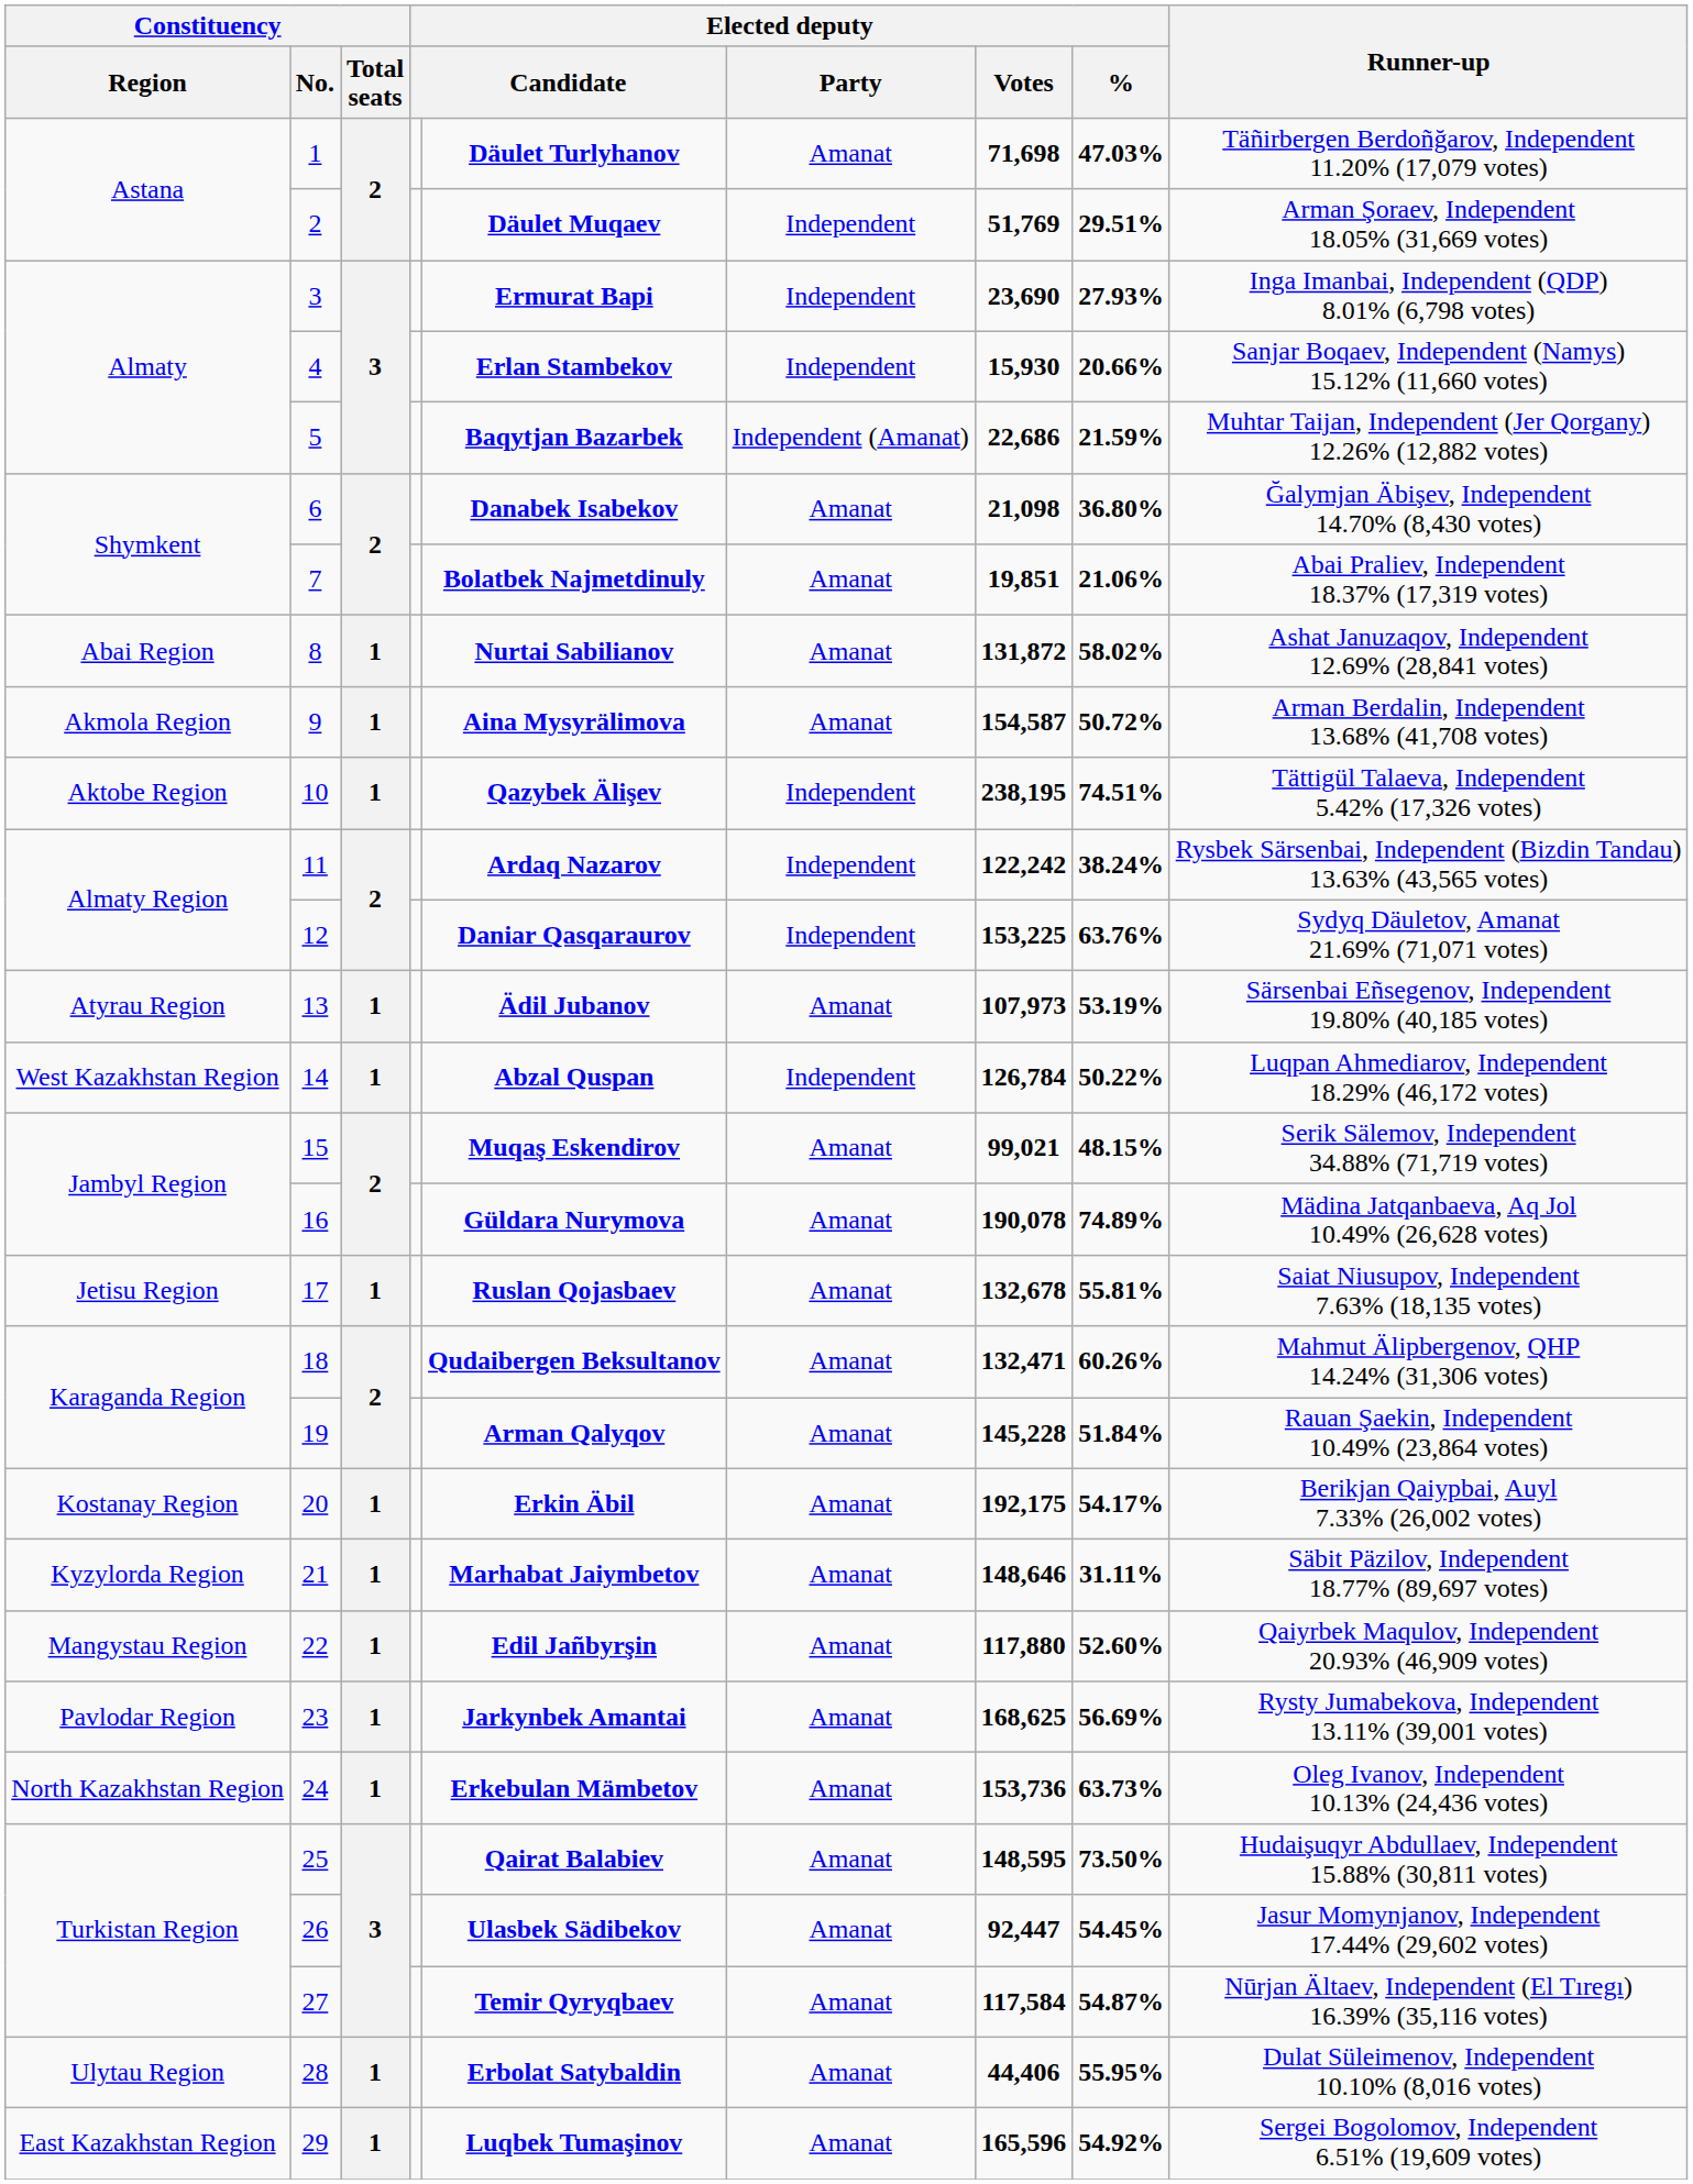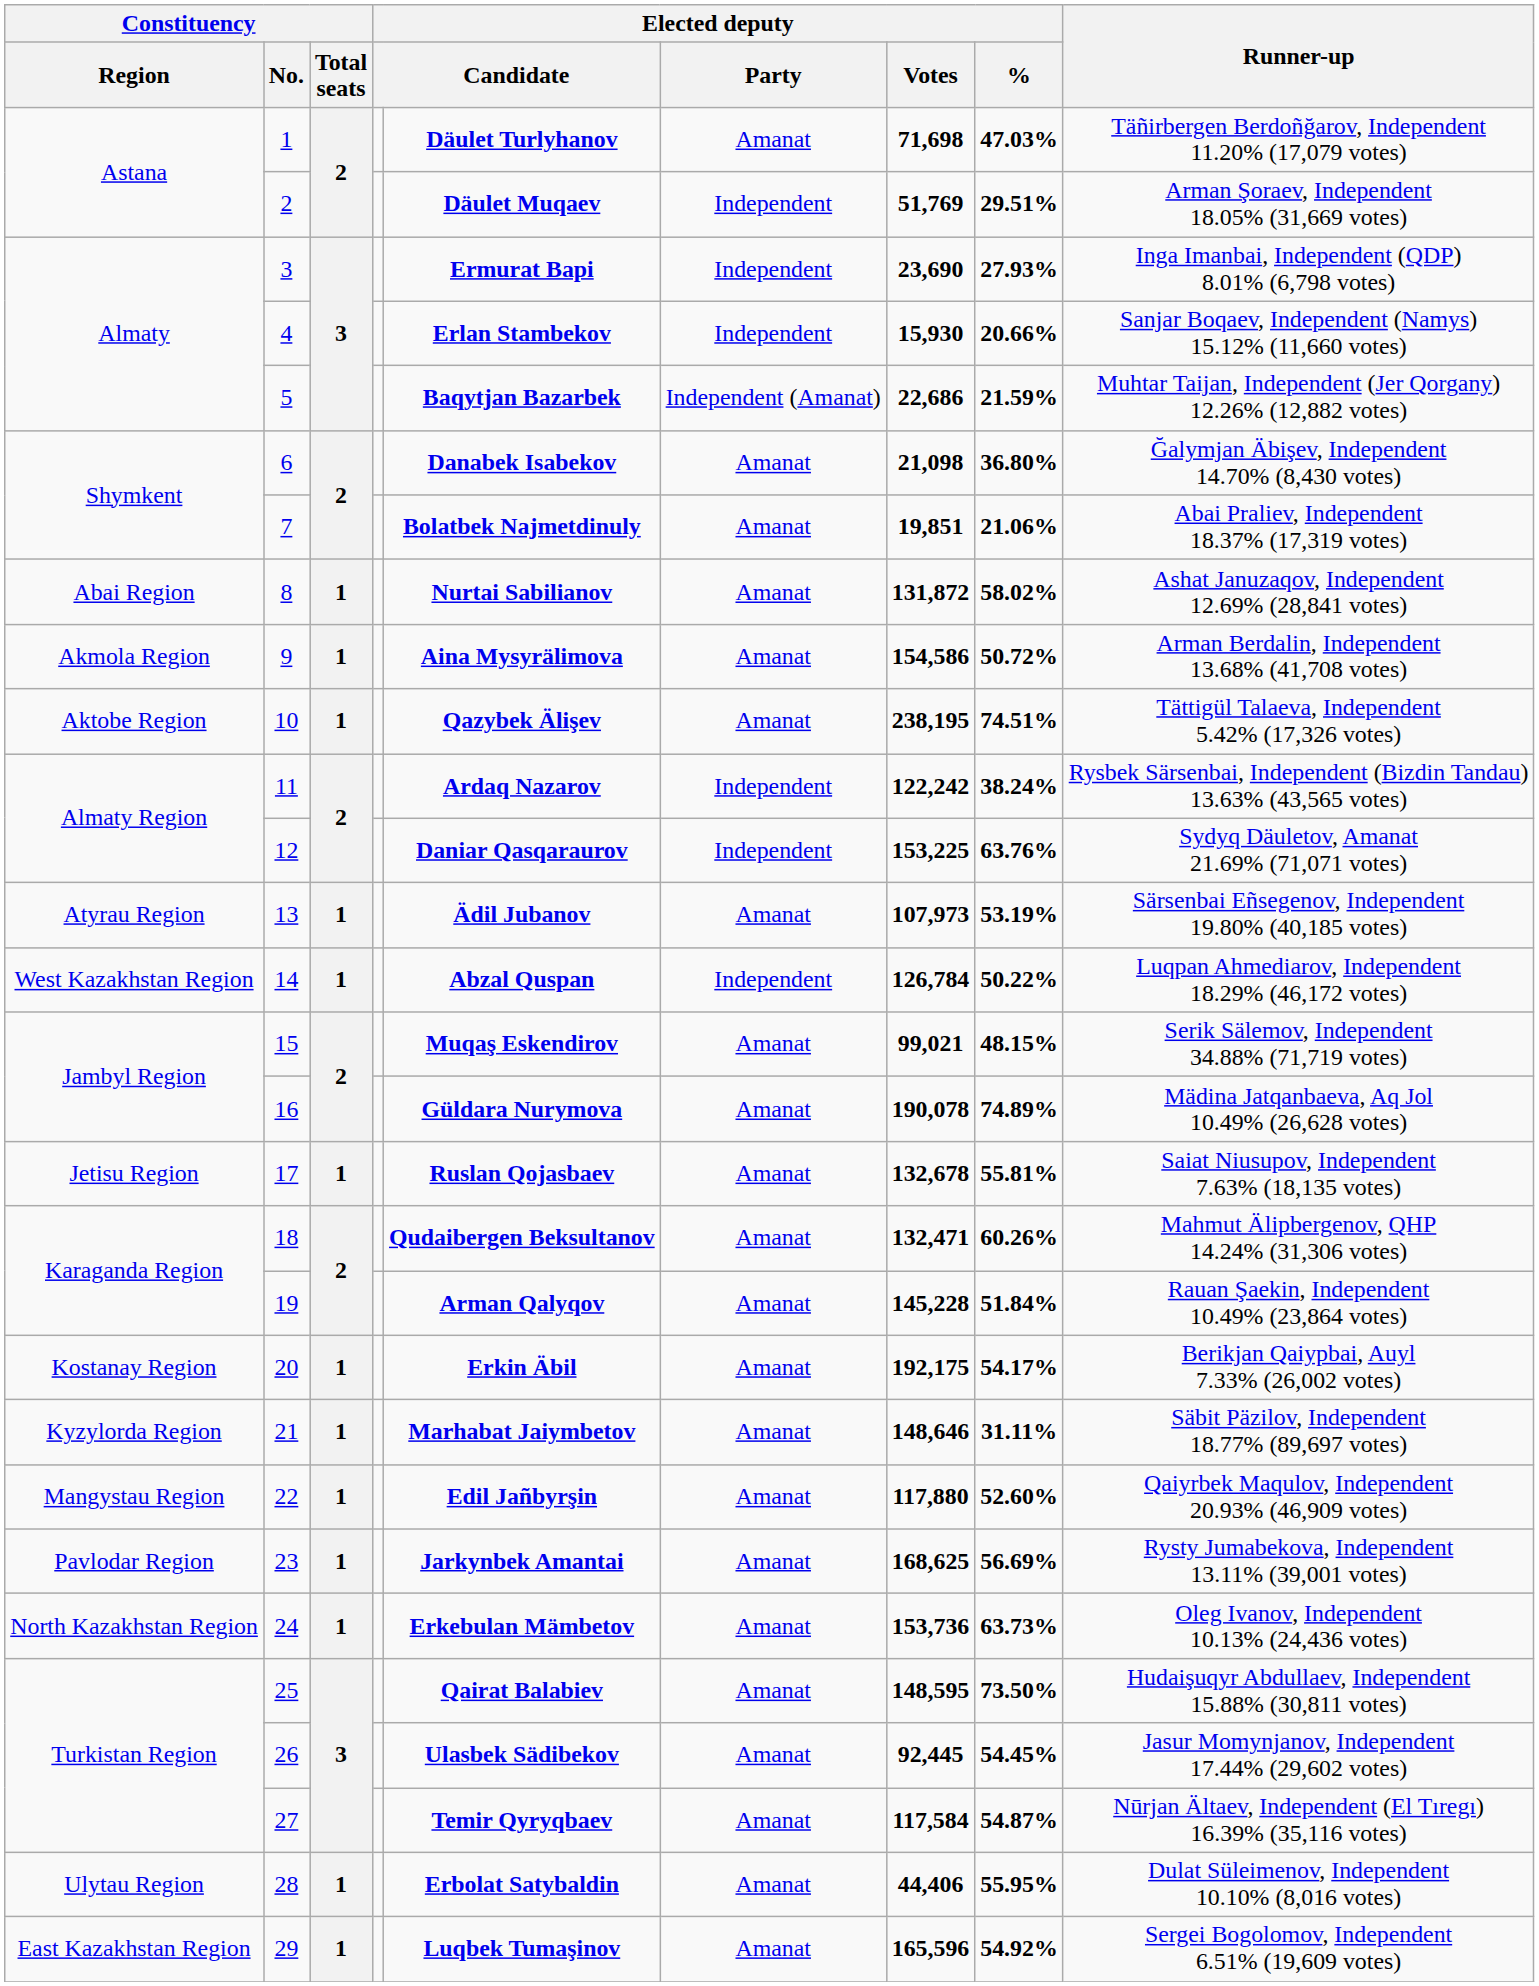 <table class="wikitable sortable mw-collapsible" style="text-align:center">
 <tr>
 <th colspan="3"><a href='#'>Constituency</a></th>
 <th colspan="5">Elected deputy</th>
 <th rowspan="2">Runner-up</th>
 </tr>
 <tr>
 <th>Region</th>
 <th><strong>No.</strong></th>
 <th>Total<br>seats</th>
 <th colspan="2">Candidate</th>
 <th>Party</th>
 <th>Votes</th>
 <th>%</th>
 </tr>
 <tr>
 <td rowspan="2"><a href='#'>Astana</a></td>
 <td><a href='#'>1</a></td>
 <th rowspan="2"><strong>2</strong></th>
 <td style="background:"></td>
 <td><a href='#'><strong>Däulet Turlyhanov</strong></a></td>
 <td><a href='#'>Amanat</a></td>
 <td><strong>71,698</strong></td>
 <td><strong>47.03%</strong></td>
 <td><a href='#'>Täñirbergen Berdoñğarov</a>, <a href='#'>Independent</a><br>11.20% (17,079 votes)</td>
 </tr>
 <tr>
 <td><a href='#'>2</a></td>
 <td style="background:"></td>
 <td><strong><a href='#'>Däulet Muqaev</a></strong></td>
 <td><a href='#'>Independent</a></td>
 <td><strong>51,769</strong></td>
 <td><strong>29.51%</strong></td>
 <td><a href='#'>Arman Şoraev</a>, <a href='#'>Independent</a><br>18.05% (31,669 votes)</td>
 </tr>
 <tr>
 <td rowspan="3"><a href='#'>Almaty</a></td>
 <td><a href='#'>3</a></td>
 <th rowspan="3"><strong>3</strong></th>
 <td style="background:"></td>
 <td><strong><a href='#'>Ermurat Bapi</a></strong></td>
 <td><a href='#'>Independent</a></td>
 <td><strong>23,690</strong></td>
 <td><strong>27.93%</strong></td>
 <td><a href='#'>Inga Imanbai</a>, <a href='#'>Independent</a> (<a href='#'>QDP</a>)<br>8.01% (6,798 votes)</td>
 </tr>
 <tr>
 <td><a href='#'>4</a></td>
 <td style="background:"></td>
 <td><strong><a href='#'>Erlan Stambekov</a></strong></td>
 <td><a href='#'>Independent</a></td>
 <td><strong>15,930</strong></td>
 <td><strong>20.66%</strong></td>
 <td><a href='#'>Sanjar Boqaev</a>, <a href='#'>Independent</a> (<a href='#'>Namys</a>)<br>15.12% (11,660 votes)</td>
 </tr>
 <tr>
 <td><a href='#'>5</a></td>
 <td style="background:"></td>
 <td><strong><a href='#'>Baqytjan Bazarbek</a></strong></td>
 <td><a href='#'>Independent</a> (<a href='#'>Amanat</a>)</td>
 <td><strong>22,686</strong></td>
 <td><strong>21.59%</strong></td>
 <td><a href='#'>Muhtar Taijan</a>, <a href='#'>Independent</a> (<a href='#'>Jer Qorgany</a>)<br>12.26% (12,882 votes)</td>
 </tr>
 <tr>
 <td rowspan="2"><a href='#'>Shymkent</a></td>
 <td><a href='#'>6</a></td>
 <th rowspan="2"><strong>2</strong></th>
 <td style="background:"></td>
 <td><strong><a href='#'>Danabek Isabekov</a></strong></td>
 <td><a href='#'>Amanat</a></td>
 <td><strong>21,098</strong></td>
 <td><strong>36.80%</strong></td>
 <td><a href='#'>Ğalymjan Äbişev</a>, <a href='#'>Independent</a><br>14.70% (8,430 votes)</td>
 </tr>
 <tr>
 <td><a href='#'>7</a></td>
 <td style="background:"></td>
 <td><strong><a href='#'>Bolatbek Najmetdinuly</a></strong></td>
 <td><a href='#'>Amanat</a></td>
 <td><strong>19,851</strong></td>
 <td><strong>21.06%</strong></td>
 <td><a href='#'>Abai Praliev</a>, <a href='#'>Independent</a><br>18.37% (17,319 votes)</td>
 </tr>
 <tr>
 <td><a href='#'>Abai Region</a></td>
 <td><a href='#'>8</a></td>
 <th><strong>1</strong></th>
 <td style="background:"></td>
 <td><strong><a href='#'>Nurtai Sabilianov</a></strong></td>
 <td><a href='#'>Amanat</a></td>
 <td><strong>131,872</strong></td>
 <td><strong>58.02%</strong></td>
 <td><a href='#'>Ashat Januzaqov</a>, <a href='#'>Independent</a><br>12.69% (28,841 votes)</td>
 </tr>
 <tr>
 <td><a href='#'>Akmola Region</a></td>
 <td><a href='#'>9</a></td>
 <th><strong>1</strong></th>
 <td style="background:"></td>
 <td><strong><a href='#'>Aina Mysyrälimova</a></strong></td>
 <td><a href='#'>Amanat</a></td>
-<td><strong>154,587</strong></td>
+<td><strong>154,586</strong></td>
 <td><strong>50.72%</strong></td>
 <td><a href='#'>Arman Berdalin</a>, <a href='#'>Independent</a><br>13.68% (41,708 votes)</td>
 </tr>
 <tr>
 <td><a href='#'>Aktobe Region</a></td>
 <td><a href='#'>10</a></td>
 <th><strong>1</strong></th>
 <td style="background:"></td>
 <td><strong><a href='#'>Qazybek Älişev</a></strong></td>
-<td><a href='#'>Independent</a></td>
+<td><a href='#'>Amanat</a></td>
 <td><strong>238,195</strong></td>
 <td><strong>74.51%</strong></td>
 <td><a href='#'>Tättigül Talaeva</a>, <a href='#'>Independent</a><br>5.42% (17,326 votes)</td>
 </tr>
 <tr>
 <td rowspan="2"><a href='#'>Almaty Region</a></td>
 <td><a href='#'>11</a></td>
 <th rowspan="2"><strong>2</strong></th>
 <td style="background:"></td>
 <td><strong><a href='#'>Ardaq Nazarov</a></strong></td>
 <td><a href='#'>Independent</a></td>
 <td><strong>122,242</strong></td>
 <td><strong>38.24%</strong></td>
 <td><a href='#'>Rysbek Särsenbai</a>, <a href='#'>Independent</a> (<a href='#'>Bizdin Tandau</a>)<br>13.63% (43,565 votes)</td>
 </tr>
 <tr>
 <td><a href='#'>12</a></td>
 <td style="background:"></td>
 <td><strong><a href='#'>Daniar Qasqaraurov</a></strong></td>
 <td><a href='#'>Independent</a></td>
 <td><strong>153,225</strong></td>
 <td><strong>63.76%</strong></td>
 <td><a href='#'>Sydyq Däuletov</a>, <a href='#'>Amanat</a><br>21.69% (71,071 votes)</td>
 </tr>
 <tr>
 <td><a href='#'>Atyrau Region</a></td>
 <td><a href='#'>13</a></td>
 <th><strong>1</strong></th>
 <td style="background:"></td>
 <td><strong><a href='#'>Ädil Jubanov</a></strong></td>
 <td><a href='#'>Amanat</a></td>
 <td><strong>107,973</strong></td>
 <td><strong>53.19%</strong></td>
 <td><a href='#'>Särsenbai Eñsegenov</a>, <a href='#'>Independent</a><br>19.80% (40,185 votes)</td>
 </tr>
 <tr>
 <td><a href='#'>West Kazakhstan Region</a></td>
 <td><a href='#'>14</a></td>
 <th><strong>1</strong></th>
 <td style="background:"></td>
 <td><strong><a href='#'>Abzal Quspan</a></strong></td>
 <td><a href='#'>Independent</a></td>
 <td><strong>126,784</strong></td>
 <td><strong>50.22%</strong></td>
 <td><a href='#'>Luqpan Ahmediarov</a>, <a href='#'>Independent</a><br>18.29% (46,172 votes)</td>
 </tr>
 <tr>
 <td rowspan="2"><a href='#'>Jambyl Region</a></td>
 <td><a href='#'>15</a></td>
 <th rowspan="2"><strong>2</strong></th>
 <td style="background:"></td>
 <td><strong><a href='#'>Muqaş Eskendirov</a></strong></td>
 <td><a href='#'>Amanat</a></td>
 <td><strong>99,021</strong></td>
 <td><strong>48.15%</strong></td>
 <td><a href='#'>Serik Sälemov</a>, <a href='#'>Independent</a><br>34.88% (71,719 votes)</td>
 </tr>
 <tr>
 <td><a href='#'>16</a></td>
 <td style="background:"></td>
 <td><strong><a href='#'>Güldara Nurymova</a></strong></td>
 <td><a href='#'>Amanat</a></td>
 <td><strong>190,078</strong></td>
 <td><strong>74.89%</strong></td>
 <td><a href='#'>Mädina Jatqanbaeva</a>, <a href='#'>Aq Jol</a><br>10.49% (26,628 votes)</td>
 </tr>
 <tr>
 <td><a href='#'>Jetisu Region</a></td>
 <td><a href='#'>17</a></td>
 <th><strong>1</strong></th>
 <td style="background:"></td>
 <td><strong><a href='#'>Ruslan Qojasbaev</a></strong></td>
 <td><a href='#'>Amanat</a></td>
 <td><strong>132,678</strong></td>
 <td><strong>55.81%</strong></td>
 <td><a href='#'>Saiat Niusupov</a>, <a href='#'>Independent</a><br>7.63% (18,135 votes)</td>
 </tr>
 <tr>
 <td rowspan="2"><a href='#'>Karaganda Region</a></td>
 <td><a href='#'>18</a></td>
 <th rowspan="2"><strong>2</strong></th>
 <td style="background:"></td>
 <td><strong><a href='#'>Qudaibergen Beksultanov</a></strong></td>
 <td><a href='#'>Amanat</a></td>
 <td><strong>132,471</strong></td>
 <td><strong>60.26%</strong></td>
 <td><a href='#'>Mahmut Älipbergenov</a>, <a href='#'>QHP</a><br>14.24% (31,306 votes)</td>
 </tr>
 <tr>
 <td><a href='#'>19</a></td>
 <td style="background:"></td>
 <td><strong><a href='#'>Arman Qalyqov</a></strong></td>
 <td><a href='#'>Amanat</a></td>
 <td><strong>145,228</strong></td>
 <td><strong>51.84%</strong></td>
 <td><a href='#'>Rauan Şaekin</a>, <a href='#'>Independent</a><br>10.49% (23,864 votes)</td>
 </tr>
 <tr>
 <td><a href='#'>Kostanay Region</a></td>
 <td><a href='#'>20</a></td>
 <th><strong>1</strong></th>
 <td style="background:"></td>
 <td><strong><a href='#'>Erkin Äbil</a></strong></td>
 <td><a href='#'>Amanat</a></td>
 <td><strong>192,175</strong></td>
 <td><strong>54.17%</strong></td>
 <td><a href='#'>Berikjan Qaiypbai</a>, <a href='#'>Auyl</a><br>7.33% (26,002 votes)</td>
 </tr>
 <tr>
 <td><a href='#'>Kyzylorda Region</a></td>
 <td><a href='#'>21</a></td>
 <th><strong>1</strong></th>
 <td style="background:"></td>
 <td><strong><a href='#'>Marhabat Jaiymbetov</a></strong></td>
 <td><a href='#'>Amanat</a></td>
 <td><strong>148,646</strong></td>
 <td><strong>31.11%</strong></td>
 <td><a href='#'>Säbit Päzilov</a>, <a href='#'>Independent</a><br>18.77% (89,697 votes)</td>
 </tr>
 <tr>
 <td><a href='#'>Mangystau Region</a></td>
 <td><a href='#'>22</a></td>
 <th><strong>1</strong></th>
 <td style="background:"></td>
 <td><strong><a href='#'>Edil Jañbyrşin</a></strong></td>
 <td><a href='#'>Amanat</a></td>
 <td><strong>117,880</strong></td>
 <td><strong>52.60%</strong></td>
 <td><a href='#'>Qaiyrbek Maqulov</a>, <a href='#'>Independent</a><br>20.93% (46,909 votes)</td>
 </tr>
 <tr>
 <td><a href='#'>Pavlodar Region</a></td>
 <td><a href='#'>23</a></td>
 <th><strong>1</strong></th>
 <td style="background:"></td>
 <td><strong><a href='#'>Jarkynbek Amantai</a></strong></td>
 <td><a href='#'>Amanat</a></td>
 <td><strong>168,625</strong></td>
 <td><strong>56.69%</strong></td>
 <td><a href='#'>Rysty Jumabekova</a>, <a href='#'>Independent</a><br>13.11% (39,001 votes)</td>
 </tr>
 <tr>
 <td><a href='#'>North Kazakhstan Region</a></td>
 <td><a href='#'>24</a></td>
 <th><strong>1</strong></th>
 <td style="background:"></td>
 <td><strong><a href='#'>Erkebulan Mämbetov</a></strong></td>
 <td><a href='#'>Amanat</a></td>
 <td><strong>153,736</strong></td>
 <td><strong>63.73%</strong></td>
 <td><a href='#'>Oleg Ivanov</a>, <a href='#'>Independent</a><br>10.13% (24,436 votes)</td>
 </tr>
 <tr>
 <td rowspan="3"><a href='#'>Turkistan Region</a></td>
 <td><a href='#'>25</a></td>
 <th rowspan="3"><strong>3</strong></th>
 <td style="background:"></td>
 <td><strong><a href='#'>Qairat Balabiev</a></strong></td>
 <td><a href='#'>Amanat</a></td>
 <td><strong>148,595</strong></td>
 <td><strong>73.50%</strong></td>
 <td><a href='#'>Hudaişuqyr Abdullaev</a>, <a href='#'>Independent</a><br>15.88% (30,811 votes)</td>
 </tr>
 <tr>
 <td><a href='#'>26</a></td>
 <td style="background:"></td>
 <td><strong><a href='#'>Ulasbek Sädibekov</a></strong></td>
 <td><a href='#'>Amanat</a></td>
-<td><strong>92,447</strong></td>
+<td><strong>92,445</strong></td>
 <td><strong>54.45%</strong></td>
 <td><a href='#'>Jasur Momynjanov</a>, <a href='#'>Independent</a><br>17.44% (29,602 votes)</td>
 </tr>
 <tr>
 <td><a href='#'>27</a></td>
 <td style="background:"></td>
 <td><strong><a href='#'>Temir Qyryqbaev</a></strong></td>
 <td><a href='#'>Amanat</a></td>
 <td><strong>117,584</strong></td>
 <td><strong>54.87%</strong></td>
 <td><a href='#'>Nūrjan Ältaev</a>, <a href='#'>Independent</a> (<a href='#'>El Tıregı</a>)<br>16.39% (35,116 votes)</td>
 </tr>
 <tr>
 <td><a href='#'>Ulytau Region</a></td>
 <td><a href='#'>28</a></td>
 <th><strong>1</strong></th>
 <td style="background:"></td>
 <td><strong><a href='#'>Erbolat Satybaldin</a></strong></td>
 <td><a href='#'>Amanat</a></td>
 <td><strong>44,406</strong></td>
 <td><strong>55.95%</strong></td>
 <td><a href='#'>Dulat Süleimenov</a>, <a href='#'>Independent</a><br>10.10% (8,016 votes)</td>
 </tr>
 <tr>
 <td><a href='#'>East Kazakhstan Region</a></td>
 <td><a href='#'>29</a></td>
 <th><strong>1</strong></th>
 <td style="background:"></td>
 <td><strong><a href='#'>Luqbek Tumaşinov</a></strong></td>
 <td><a href='#'>Amanat</a></td>
 <td><strong>165,596</strong></td>
 <td><strong>54.92%</strong></td>
 <td><a href='#'>Sergei Bogolomov</a>, <a href='#'>Independent</a><br>6.51% (19,609 votes)</td>
 </tr>
 </table>
